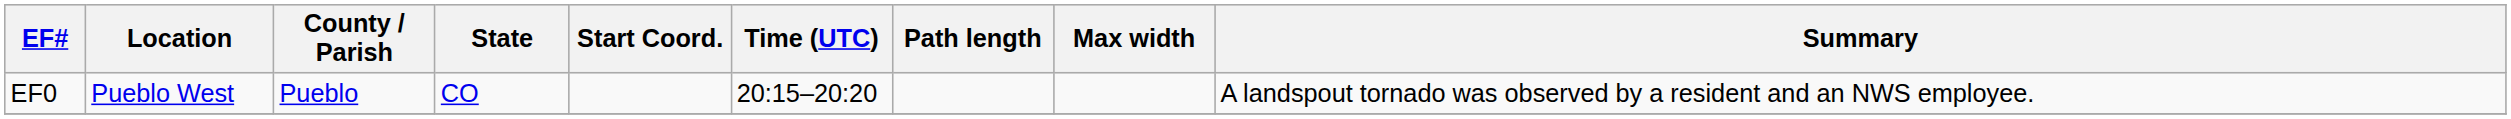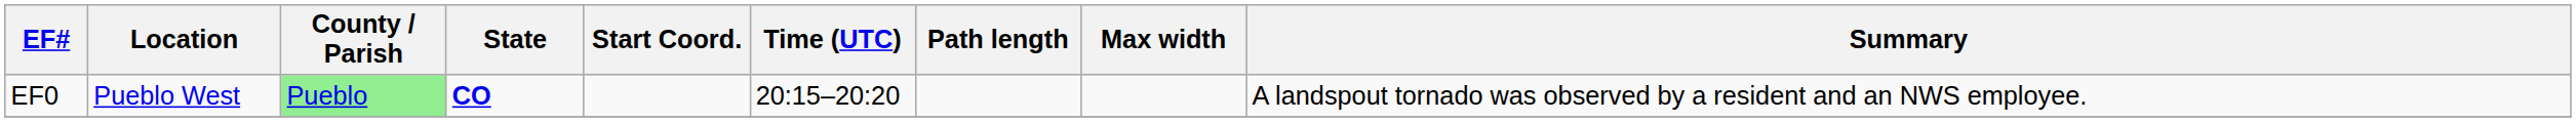 <table class="wikitable sortable" style="width:100%;">
 <tr>
 <th scope="col"  style="width:3%; text-align:center;"><a href='#'>EF#</a></th>
 <th scope="col"  style="width:7%; text-align:center;" class="unsortable">Location</th>
 <th scope="col"  style="width:6%; text-align:center;" class="unsortable">County / Parish</th>
 <th scope="col"  style="width:5%; text-align:center;">State</th>
 <th scope="col"  style="width:6%; text-align:center;">Start Coord.</th>
 <th scope="col"  style="width:6%; text-align:center;">Time (<a href='#'>UTC</a>)</th>
 <th scope="col"  style="width:6%; text-align:center;">Path length</th>
 <th scope="col"  style="width:6%; text-align:center;">Max width</th>
 <th scope="col" class="unsortable" style="width:48%; text-align:center;">Summary</th>
 </tr>
 <tr>
 <td bgcolor=>EF0</td>
 <td><a href='#'>Pueblo West</a></td>
-<td><a href='#'>Pueblo</a></td>
-<td><a href='#'>CO</a></td>
+<td style="background: lightgreen;"><a href='#'>Pueblo</a></td>
+<td><strong><a href='#'>CO</a></strong></td>
 <td></td>
 <td>20:15–20:20</td>
 <td></td>
 <td></td>
 <td>A landspout tornado was observed by a resident and an NWS employee.</td>
 </tr>
 <tr>
 </tr>
 </table>
